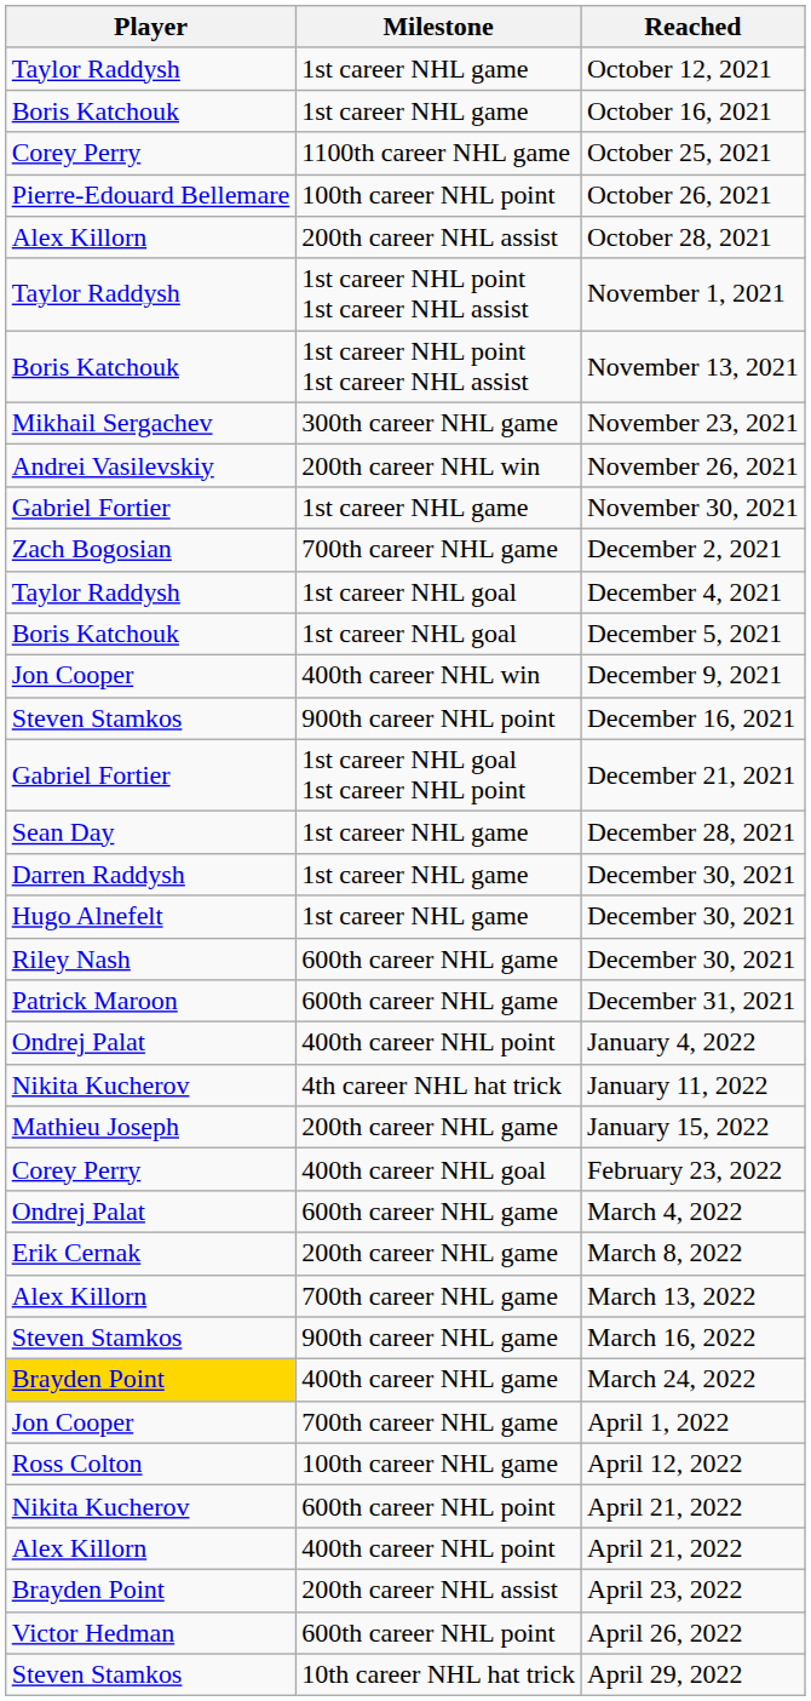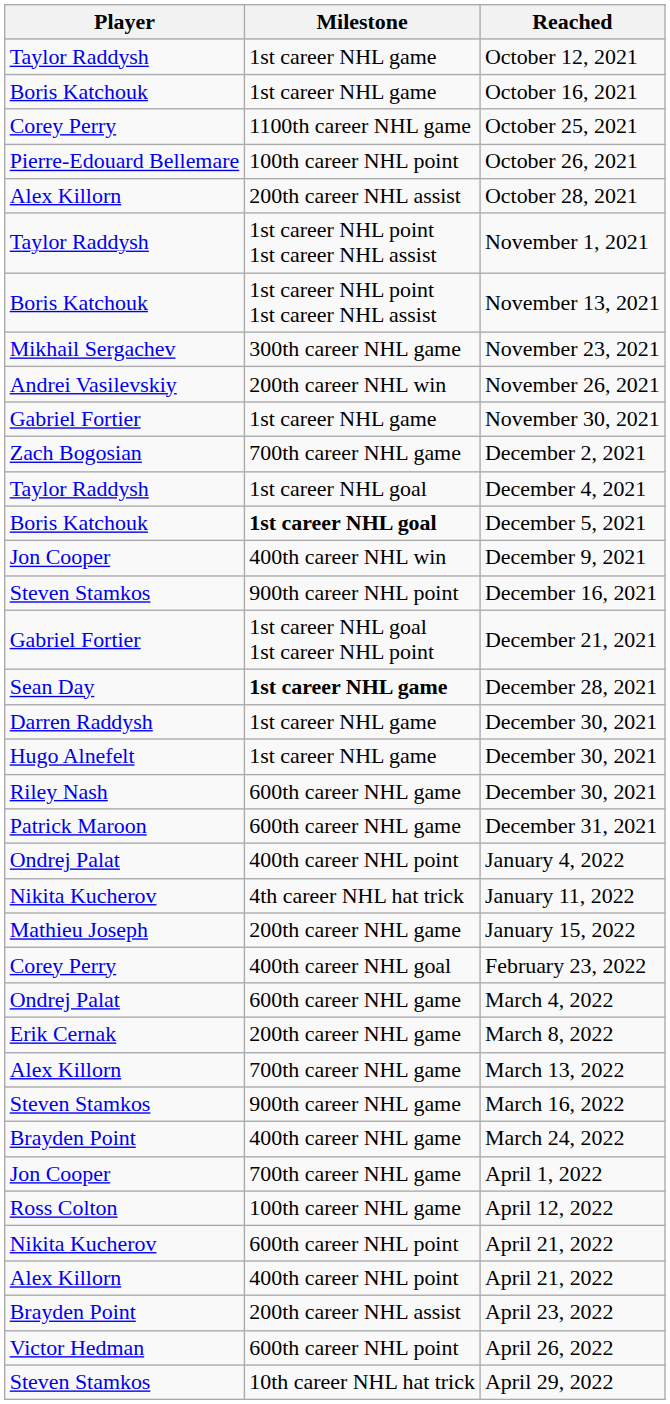 <table class="wikitable sortable">
 <tr align=center>
 <th>Player</th>
 <th>Milestone</th>
 <th data-sort-type="date">Reached</th>
 </tr>
 <tr>
 <td><a href='#'>Taylor Raddysh</a></td>
 <td>1st career NHL game</td>
 <td>October 12, 2021</td>
 </tr>
 <tr>
 <td><a href='#'>Boris Katchouk</a></td>
 <td>1st career NHL game</td>
 <td>October 16, 2021</td>
 </tr>
 <tr>
 <td><a href='#'>Corey Perry</a></td>
 <td>1100th career NHL game</td>
 <td>October 25, 2021</td>
 </tr>
 <tr>
 <td><a href='#'>Pierre-Edouard Bellemare</a></td>
 <td>100th career NHL point</td>
 <td>October 26, 2021</td>
 </tr>
 <tr>
 <td><a href='#'>Alex Killorn</a></td>
 <td>200th career NHL assist</td>
 <td>October 28, 2021</td>
 </tr>
 <tr>
 <td><a href='#'>Taylor Raddysh</a></td>
 <td>1st career NHL point<br>1st career NHL assist</td>
 <td>November 1, 2021</td>
 </tr>
 <tr>
 <td><a href='#'>Boris Katchouk</a></td>
 <td>1st career NHL point<br>1st career NHL assist</td>
 <td>November 13, 2021</td>
 </tr>
 <tr>
 <td><a href='#'>Mikhail Sergachev</a></td>
 <td>300th career NHL game</td>
 <td>November 23, 2021</td>
 </tr>
 <tr>
 <td><a href='#'>Andrei Vasilevskiy</a></td>
 <td>200th career NHL win</td>
 <td>November 26, 2021</td>
 </tr>
 <tr>
 <td><a href='#'>Gabriel Fortier</a></td>
 <td>1st career NHL game</td>
 <td>November 30, 2021</td>
 </tr>
 <tr>
 <td><a href='#'>Zach Bogosian</a></td>
 <td>700th career NHL game</td>
 <td>December 2, 2021</td>
 </tr>
 <tr>
 <td><a href='#'>Taylor Raddysh</a></td>
 <td>1st career NHL goal</td>
 <td>December 4, 2021</td>
 </tr>
 <tr>
 <td><a href='#'>Boris Katchouk</a></td>
-<td>1st career NHL goal</td>
+<td><strong>1st career NHL goal</strong></td>
 <td>December 5, 2021</td>
 </tr>
 <tr>
 <td><a href='#'>Jon Cooper</a></td>
 <td>400th career NHL win</td>
 <td>December 9, 2021</td>
 </tr>
 <tr>
 <td><a href='#'>Steven Stamkos</a></td>
 <td>900th career NHL point</td>
 <td>December 16, 2021</td>
 </tr>
 <tr>
 <td><a href='#'>Gabriel Fortier</a></td>
 <td>1st career NHL goal<br>1st career NHL point</td>
 <td>December 21, 2021</td>
 </tr>
 <tr>
 <td><a href='#'>Sean Day</a></td>
-<td>1st career NHL game</td>
+<td><strong>1st career NHL game</strong></td>
 <td>December 28, 2021</td>
 </tr>
 <tr>
 <td><a href='#'>Darren Raddysh</a></td>
 <td>1st career NHL game</td>
 <td>December 30, 2021</td>
 </tr>
 <tr>
 <td><a href='#'>Hugo Alnefelt</a></td>
 <td>1st career NHL game</td>
 <td>December 30, 2021</td>
 </tr>
 <tr>
 <td><a href='#'>Riley Nash</a></td>
 <td>600th career NHL game</td>
 <td>December 30, 2021</td>
 </tr>
 <tr>
 <td><a href='#'>Patrick Maroon</a></td>
 <td>600th career NHL game</td>
 <td>December 31, 2021</td>
 </tr>
 <tr>
 <td><a href='#'>Ondrej Palat</a></td>
 <td>400th career NHL point</td>
 <td>January 4, 2022</td>
 </tr>
 <tr>
 <td><a href='#'>Nikita Kucherov</a></td>
 <td>4th career NHL hat trick</td>
 <td>January 11, 2022</td>
 </tr>
 <tr>
 <td><a href='#'>Mathieu Joseph</a></td>
 <td>200th career NHL game</td>
 <td>January 15, 2022</td>
 </tr>
 <tr>
 <td><a href='#'>Corey Perry</a></td>
 <td>400th career NHL goal</td>
 <td>February 23, 2022</td>
 </tr>
 <tr>
 <td><a href='#'>Ondrej Palat</a></td>
 <td>600th career NHL game</td>
 <td>March 4, 2022</td>
 </tr>
 <tr>
 <td><a href='#'>Erik Cernak</a></td>
 <td>200th career NHL game</td>
 <td>March 8, 2022</td>
 </tr>
 <tr>
 <td><a href='#'>Alex Killorn</a></td>
 <td>700th career NHL game</td>
 <td>March 13, 2022</td>
 </tr>
 <tr>
 <td><a href='#'>Steven Stamkos</a></td>
 <td>900th career NHL game</td>
 <td>March 16, 2022</td>
 </tr>
 <tr>
-<td style="background: gold;"><a href='#'>Brayden Point</a></td>
+<td><a href='#'>Brayden Point</a></td>
 <td>400th career NHL game</td>
 <td>March 24, 2022</td>
 </tr>
 <tr>
 <td><a href='#'>Jon Cooper</a></td>
 <td>700th career NHL game</td>
 <td>April 1, 2022</td>
 </tr>
 <tr>
 <td><a href='#'>Ross Colton</a></td>
 <td>100th career NHL game</td>
 <td>April 12, 2022</td>
 </tr>
 <tr>
 <td><a href='#'>Nikita Kucherov</a></td>
 <td>600th career NHL point</td>
 <td>April 21, 2022</td>
 </tr>
 <tr>
 <td><a href='#'>Alex Killorn</a></td>
 <td>400th career NHL point</td>
 <td>April 21, 2022</td>
 </tr>
 <tr>
 <td><a href='#'>Brayden Point</a></td>
 <td>200th career NHL assist</td>
 <td>April 23, 2022</td>
 </tr>
 <tr>
 <td><a href='#'>Victor Hedman</a></td>
 <td>600th career NHL point</td>
 <td>April 26, 2022</td>
 </tr>
 <tr>
 <td><a href='#'>Steven Stamkos</a></td>
 <td>10th career NHL hat trick</td>
 <td>April 29, 2022</td>
 </tr>
 </table>
